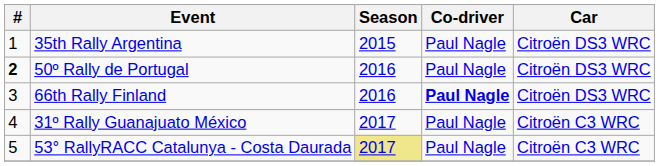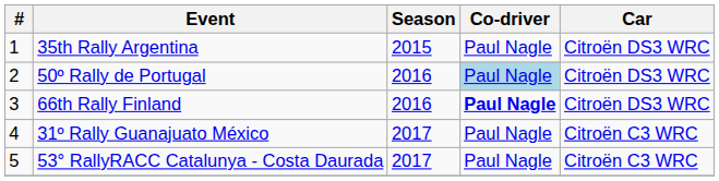 <table class="wikitable">
 <tr>
 <th> # </th>
 <th>Event</th>
 <th>Season</th>
 <th>Co-driver</th>
 <th>Car</th>
 </tr>
 <tr>
 <td>1</td>
 <td> <a href='#'>35th Rally Argentina</a></td>
 <td><a href='#'>2015</a></td>
 <td> <a href='#'>Paul Nagle</a></td>
 <td><a href='#'>Citroën DS3 WRC</a></td>
 </tr>
 <tr>
-<td><strong>2</strong></td>
+<td>2</td>
 <td> <a href='#'>50º Rally de Portugal</a></td>
 <td><a href='#'>2016</a></td>
-<td> <a href='#'>Paul Nagle</a></td>
+<td style="background: lightblue;"> <a href='#'>Paul Nagle</a></td>
 <td><a href='#'>Citroën DS3 WRC</a></td>
 </tr>
 <tr>
 <td>3</td>
 <td> <a href='#'>66th Rally Finland</a></td>
 <td><a href='#'>2016</a></td>
 <td><strong> <a href='#'>Paul Nagle</a></strong></td>
 <td><a href='#'>Citroën DS3 WRC</a></td>
 </tr>
 <tr>
 <td>4</td>
 <td> <a href='#'>31º Rally Guanajuato México</a></td>
 <td><a href='#'>2017</a></td>
 <td> <a href='#'>Paul Nagle</a></td>
 <td><a href='#'>Citroën C3 WRC</a></td>
 </tr>
 <tr>
 <td>5</td>
 <td> <a href='#'>53° RallyRACC Catalunya - Costa Daurada</a></td>
-<td style="background: khaki;"><a href='#'>2017</a></td>
+<td><a href='#'>2017</a></td>
 <td> <a href='#'>Paul Nagle</a></td>
 <td><a href='#'>Citroën C3 WRC</a></td>
 </tr>
 <tr>
 </tr>
 </table>
